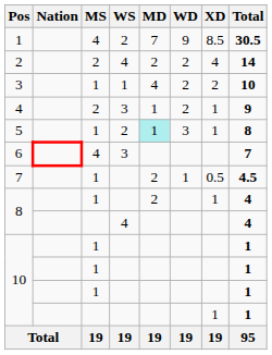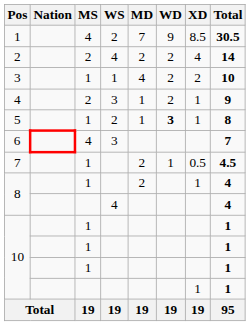 <table class="wikitable" style="text-align:center">
 <tr>
 <th>Pos</th>
 <th>Nation</th>
 <th>MS</th>
 <th>WS</th>
 <th>MD</th>
 <th>WD</th>
 <th>XD</th>
 <th>Total</th>
 </tr>
 <tr>
 <td>1</td>
 <td align=left></td>
 <td>4</td>
 <td>2</td>
 <td>7</td>
 <td>9</td>
 <td>8.5</td>
 <td><strong>30.5</strong></td>
 </tr>
 <tr>
 <td>2</td>
 <td align=left></td>
 <td>2</td>
 <td>4</td>
 <td>2</td>
 <td>2</td>
 <td>4</td>
 <td><strong>14</strong></td>
 </tr>
 <tr>
 <td>3</td>
 <td align=left></td>
 <td>1</td>
 <td>1</td>
 <td>4</td>
 <td>2</td>
 <td>2</td>
 <td><strong>10</strong></td>
 </tr>
 <tr>
 <td>4</td>
 <td align=left></td>
 <td>2</td>
 <td>3</td>
 <td>1</td>
 <td>2</td>
 <td>1</td>
 <td><strong>9</strong></td>
 </tr>
 <tr>
 <td>5</td>
 <td align=left></td>
 <td>1</td>
 <td>2</td>
-<td style="background: paleturquoise;">1</td>
-<td>3</td>
+<td>1</td>
+<td><strong>3</strong></td>
 <td>1</td>
 <td><strong>8</strong></td>
 </tr>
 <tr>
 <td>6</td>
 <td align=left style="border: 3px solid red"><strong></strong></td>
 <td>4</td>
 <td>3</td>
 <td></td>
 <td></td>
 <td></td>
 <td><strong>7</strong></td>
 </tr>
 <tr>
 <td>7</td>
 <td align=left></td>
 <td>1</td>
 <td></td>
 <td>2</td>
 <td>1</td>
 <td>0.5</td>
 <td><strong>4.5</strong></td>
 </tr>
 <tr>
 <td rowspan=2>8</td>
 <td align=left></td>
 <td>1</td>
 <td></td>
 <td>2</td>
 <td></td>
 <td>1</td>
 <td><strong>4</strong></td>
 </tr>
 <tr>
 <td align=left></td>
 <td></td>
 <td>4</td>
 <td></td>
 <td></td>
 <td></td>
 <td><strong>4</strong></td>
 </tr>
 <tr>
 <td rowspan="4">10</td>
 <td align=left></td>
 <td>1</td>
 <td></td>
 <td></td>
 <td></td>
 <td></td>
 <td><strong>1</strong></td>
 </tr>
 <tr>
 <td align=left></td>
 <td>1</td>
 <td></td>
 <td></td>
 <td></td>
 <td></td>
 <td><strong>1</strong></td>
 </tr>
 <tr>
 <td align=left></td>
 <td>1</td>
 <td></td>
 <td></td>
 <td></td>
 <td></td>
 <td><strong>1</strong></td>
 </tr>
 <tr>
 <td align=left></td>
 <td></td>
 <td></td>
 <td></td>
 <td></td>
 <td>1</td>
 <td><strong>1</strong></td>
 </tr>
 <tr>
 <th colspan="2">Total</th>
 <th>19</th>
 <th>19</th>
 <th>19</th>
 <th>19</th>
 <th>19</th>
 <th>95</th>
 </tr>
 </table>
